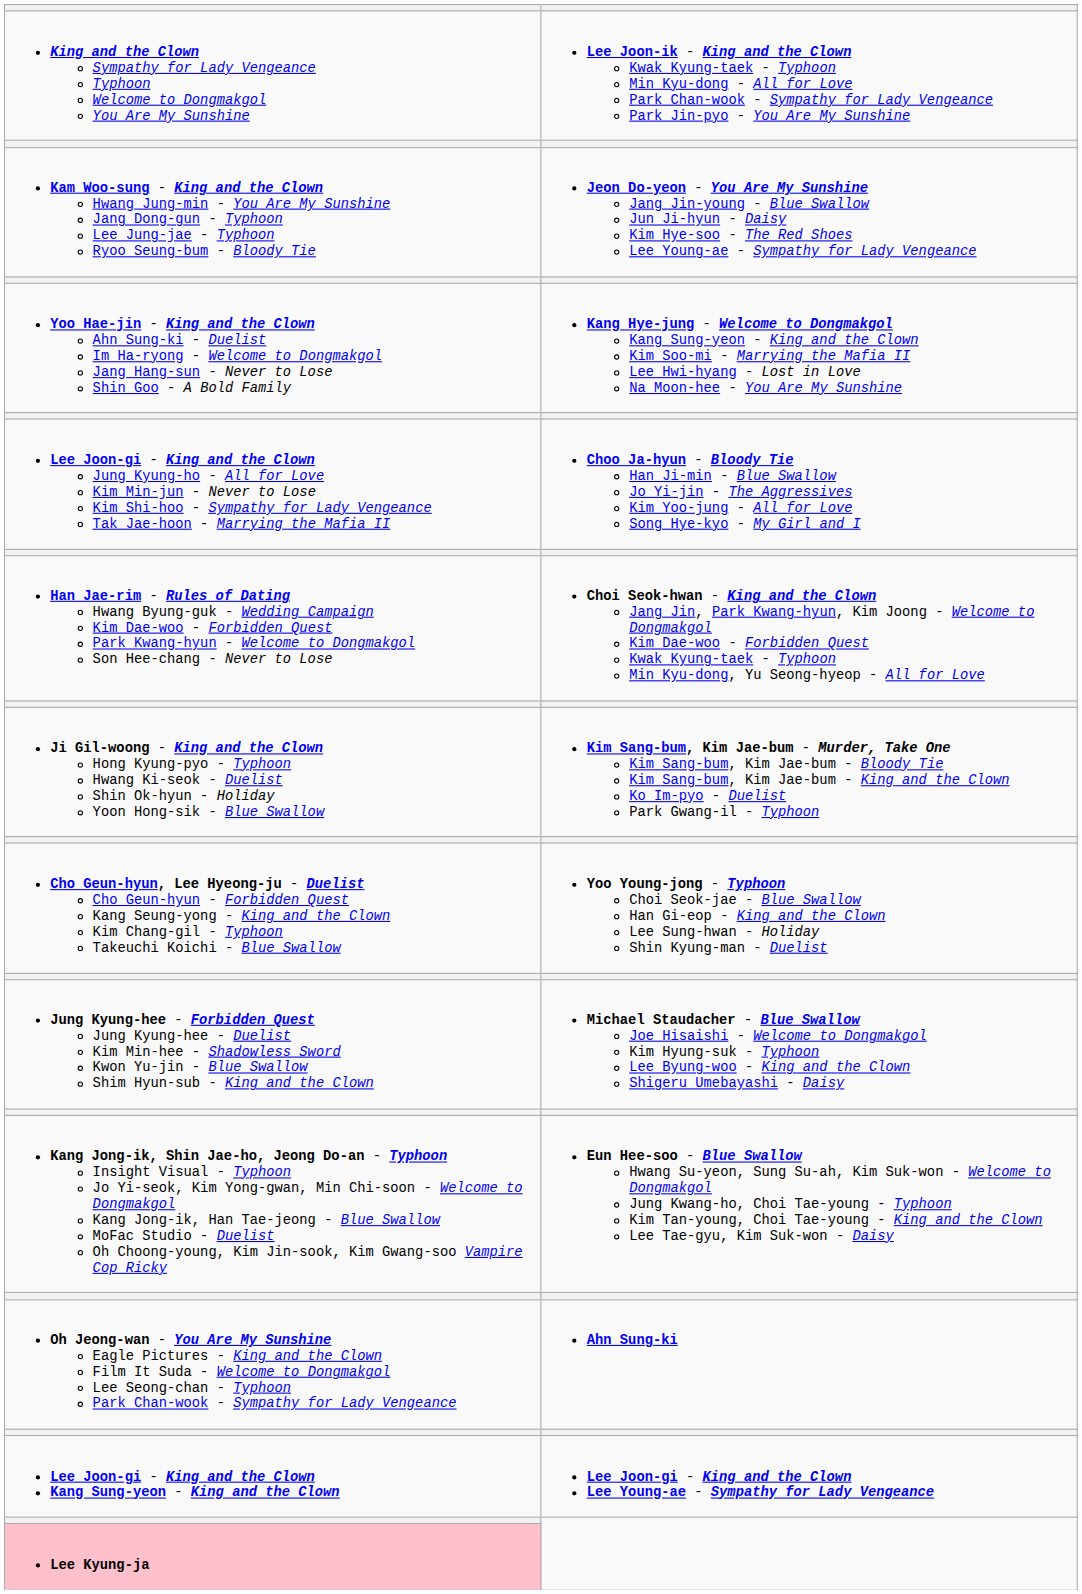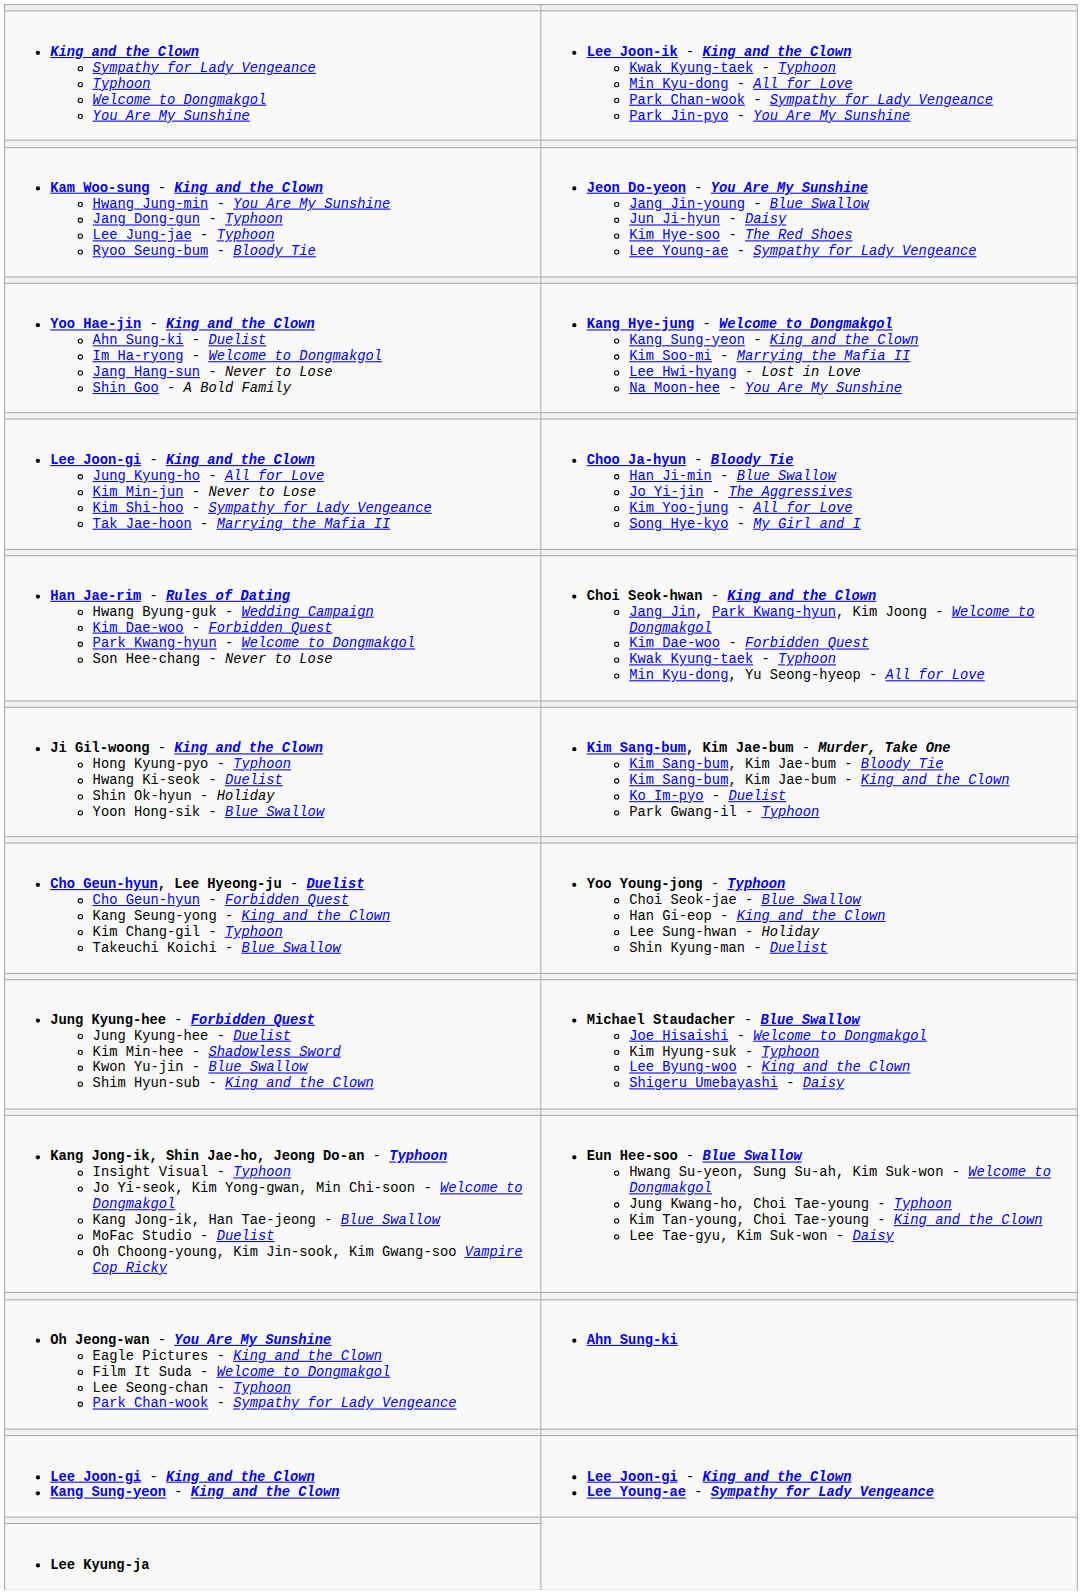 <table class="wikitable">
 <tr>
 <th style="width:500px;"></th>
 <th style="width:500px;"></th>
 </tr>
 <tr>
 <td valign="top"><br><ul><li><strong><em><a href='#'>King and the Clown</a></em></strong><ul><li><em><a href='#'>Sympathy for Lady Vengeance</a></em></li><li><em><a href='#'>Typhoon</a></em></li><li><em><a href='#'>Welcome to Dongmakgol</a></em></li><li><em><a href='#'>You Are My Sunshine</a></em></li></ul></li></ul></td>
 <td valign="top"><br><ul><li><strong><a href='#'>Lee Joon-ik</a></strong> - <strong><em><a href='#'>King and the Clown</a></em></strong><ul><li><a href='#'>Kwak Kyung-taek</a> - <em><a href='#'>Typhoon</a></em></li><li><a href='#'>Min Kyu-dong</a> - <em><a href='#'>All for Love</a></em></li><li><a href='#'>Park Chan-wook</a> - <em><a href='#'>Sympathy for Lady Vengeance</a></em></li><li><a href='#'>Park Jin-pyo</a> - <em><a href='#'>You Are My Sunshine</a></em></li></ul></li></ul></td>
 </tr>
 <tr>
 <th></th>
 <th></th>
 </tr>
 <tr>
 <td valign="top"><br><ul><li><strong><a href='#'>Kam Woo-sung</a></strong> - <strong><em><a href='#'>King and the Clown</a></em></strong><ul><li><a href='#'>Hwang Jung-min</a> - <em><a href='#'>You Are My Sunshine</a></em></li><li><a href='#'>Jang Dong-gun</a> - <em><a href='#'>Typhoon</a></em></li><li><a href='#'>Lee Jung-jae</a> - <em><a href='#'>Typhoon</a></em></li><li><a href='#'>Ryoo Seung-bum</a> - <em><a href='#'>Bloody Tie</a></em></li></ul></li></ul></td>
 <td valign="top"><br><ul><li><strong><a href='#'>Jeon Do-yeon</a></strong> - <strong><em><a href='#'>You Are My Sunshine</a></em></strong><ul><li><a href='#'>Jang Jin-young</a> - <em><a href='#'>Blue Swallow</a></em></li><li><a href='#'>Jun Ji-hyun</a> - <em><a href='#'>Daisy</a></em></li><li><a href='#'>Kim Hye-soo</a> - <em><a href='#'>The Red Shoes</a></em></li><li><a href='#'>Lee Young-ae</a> - <em><a href='#'>Sympathy for Lady Vengeance</a></em></li></ul></li></ul></td>
 </tr>
 <tr>
 <th></th>
 <th></th>
 </tr>
 <tr>
 <td valign="top"><br><ul><li><strong><a href='#'>Yoo Hae-jin</a></strong> - <strong><em><a href='#'>King and the Clown</a></em></strong><ul><li><a href='#'>Ahn Sung-ki</a> - <em><a href='#'>Duelist</a></em></li><li><a href='#'>Im Ha-ryong</a> - <em><a href='#'>Welcome to Dongmakgol</a></em></li><li><a href='#'>Jang Hang-sun</a> - <em>Never to Lose</em></li><li><a href='#'>Shin Goo</a> - <em>A Bold Family</em></li></ul></li></ul></td>
 <td valign="top"><br><ul><li><strong><a href='#'>Kang Hye-jung</a></strong> - <strong><em><a href='#'>Welcome to Dongmakgol</a></em></strong><ul><li><a href='#'>Kang Sung-yeon</a> - <em><a href='#'>King and the Clown</a></em></li><li><a href='#'>Kim Soo-mi</a> - <em><a href='#'>Marrying the Mafia II</a></em></li><li><a href='#'>Lee Hwi-hyang</a> - <em>Lost in Love</em></li><li><a href='#'>Na Moon-hee</a> - <em><a href='#'>You Are My Sunshine</a></em></li></ul></li></ul></td>
 </tr>
 <tr>
 <th></th>
 <th></th>
 </tr>
 <tr>
 <td valign="top"><br><ul><li><strong><a href='#'>Lee Joon-gi</a></strong> - <strong><em><a href='#'>King and the Clown</a></em></strong><ul><li><a href='#'>Jung Kyung-ho</a> - <em><a href='#'>All for Love</a></em></li><li><a href='#'>Kim Min-jun</a> - <em>Never to Lose</em></li><li><a href='#'>Kim Shi-hoo</a> - <em><a href='#'>Sympathy for Lady Vengeance</a></em></li><li><a href='#'>Tak Jae-hoon</a> - <em><a href='#'>Marrying the Mafia II</a></em></li></ul></li></ul></td>
 <td valign="top"><br><ul><li><strong><a href='#'>Choo Ja-hyun</a></strong> - <strong><em><a href='#'>Bloody Tie</a></em></strong><ul><li><a href='#'>Han Ji-min</a> - <em><a href='#'>Blue Swallow</a></em></li><li><a href='#'>Jo Yi-jin</a> - <em><a href='#'>The Aggressives</a></em></li><li><a href='#'>Kim Yoo-jung</a> - <em><a href='#'>All for Love</a></em></li><li><a href='#'>Song Hye-kyo</a> - <em><a href='#'>My Girl and I</a></em></li></ul></li></ul></td>
 </tr>
 <tr>
 <th></th>
 <th></th>
 </tr>
 <tr>
 <td valign="top"><br><ul><li><strong><a href='#'>Han Jae-rim</a></strong> - <strong><em><a href='#'>Rules of Dating</a></em></strong><ul><li>Hwang Byung-guk - <em><a href='#'>Wedding Campaign</a></em></li><li><a href='#'>Kim Dae-woo</a> - <em><a href='#'>Forbidden Quest</a></em></li><li><a href='#'>Park Kwang-hyun</a> - <em><a href='#'>Welcome to Dongmakgol</a></em></li><li>Son Hee-chang - <em>Never to Lose</em></li></ul></li></ul></td>
 <td valign="top"><br><ul><li><strong>Choi Seok-hwan</strong> - <strong><em><a href='#'>King and the Clown</a></em></strong><ul><li><a href='#'>Jang Jin</a>, <a href='#'>Park Kwang-hyun</a>, Kim Joong - <em><a href='#'>Welcome to Dongmakgol</a></em></li><li><a href='#'>Kim Dae-woo</a> - <em><a href='#'>Forbidden Quest</a></em></li><li><a href='#'>Kwak Kyung-taek</a> - <em><a href='#'>Typhoon</a></em></li><li><a href='#'>Min Kyu-dong</a>, Yu Seong-hyeop - <em><a href='#'>All for Love</a></em></li></ul></li></ul></td>
 </tr>
 <tr>
 <th></th>
 <th></th>
 </tr>
 <tr>
 <td valign="top"><br><ul><li><strong>Ji Gil-woong</strong> - <strong><em><a href='#'>King and the Clown</a></em></strong><ul><li>Hong Kyung-pyo - <em><a href='#'>Typhoon</a></em></li><li>Hwang Ki-seok - <em><a href='#'>Duelist</a></em></li><li>Shin Ok-hyun - <em>Holiday</em></li><li>Yoon Hong-sik - <em><a href='#'>Blue Swallow</a></em></li></ul></li></ul></td>
 <td valign="top"><br><ul><li><strong><a href='#'>Kim Sang-bum</a>, Kim Jae-bum</strong> - <strong><em>Murder, Take One</em></strong><ul><li><a href='#'>Kim Sang-bum</a>, Kim Jae-bum - <em><a href='#'>Bloody Tie</a></em></li><li><a href='#'>Kim Sang-bum</a>, Kim Jae-bum - <em><a href='#'>King and the Clown</a></em></li><li><a href='#'>Ko Im-pyo</a> - <em><a href='#'>Duelist</a></em></li><li>Park Gwang-il - <em><a href='#'>Typhoon</a></em></li></ul></li></ul></td>
 </tr>
 <tr>
 <th></th>
 <th></th>
 </tr>
 <tr>
 <td valign="top"><br><ul><li><strong><a href='#'>Cho Geun-hyun</a>, Lee Hyeong-ju</strong> - <strong><em><a href='#'>Duelist</a></em></strong><ul><li><a href='#'>Cho Geun-hyun</a> - <em><a href='#'>Forbidden Quest</a></em></li><li>Kang Seung-yong - <em><a href='#'>King and the Clown</a></em></li><li>Kim Chang-gil - <em><a href='#'>Typhoon</a></em></li><li>Takeuchi Koichi - <em><a href='#'>Blue Swallow</a></em></li></ul></li></ul></td>
 <td valign="top"><br><ul><li><strong>Yoo Young-jong</strong> - <strong><em><a href='#'>Typhoon</a></em></strong><ul><li>Choi Seok-jae - <em><a href='#'>Blue Swallow</a></em></li><li>Han Gi-eop - <em><a href='#'>King and the Clown</a></em></li><li>Lee Sung-hwan - <em>Holiday</em></li><li>Shin Kyung-man - <em><a href='#'>Duelist</a></em></li></ul></li></ul></td>
 </tr>
 <tr>
 <th></th>
 <th></th>
 </tr>
 <tr>
 <td valign="top"><br><ul><li><strong>Jung Kyung-hee</strong> - <strong><em><a href='#'>Forbidden Quest</a></em></strong><ul><li>Jung Kyung-hee - <em><a href='#'>Duelist</a></em></li><li>Kim Min-hee - <em><a href='#'>Shadowless Sword</a></em></li><li>Kwon Yu-jin - <em><a href='#'>Blue Swallow</a></em></li><li>Shim Hyun-sub - <em><a href='#'>King and the Clown</a></em></li></ul></li></ul></td>
 <td valign="top"><br><ul><li><strong>Michael Staudacher</strong> - <strong><em><a href='#'>Blue Swallow</a></em></strong><ul><li><a href='#'>Joe Hisaishi</a> - <em><a href='#'>Welcome to Dongmakgol</a></em></li><li>Kim Hyung-suk - <em><a href='#'>Typhoon</a></em></li><li><a href='#'>Lee Byung-woo</a> - <em><a href='#'>King and the Clown</a></em></li><li><a href='#'>Shigeru Umebayashi</a> - <em><a href='#'>Daisy</a></em></li></ul></li></ul></td>
 </tr>
 <tr>
 <th></th>
 <th></th>
 </tr>
 <tr>
 <td valign="top"><br><ul><li><strong>Kang Jong-ik, Shin Jae-ho, Jeong Do-an</strong> - <strong><em><a href='#'>Typhoon</a></em></strong><ul><li>Insight Visual - <em><a href='#'>Typhoon</a></em></li><li>Jo Yi-seok, Kim Yong-gwan, Min Chi-soon - <em><a href='#'>Welcome to Dongmakgol</a></em></li><li>Kang Jong-ik, Han Tae-jeong - <em><a href='#'>Blue Swallow</a></em></li><li>MoFac Studio - <em><a href='#'>Duelist</a></em></li><li>Oh Choong-young, Kim Jin-sook, Kim Gwang-soo <em><a href='#'>Vampire Cop Ricky</a></em></li></ul></li></ul></td>
 <td valign="top"><br><ul><li><strong>Eun Hee-soo</strong> - <strong><em><a href='#'>Blue Swallow</a></em></strong><ul><li>Hwang Su-yeon, Sung Su-ah, Kim Suk-won - <em><a href='#'>Welcome to Dongmakgol</a></em></li><li>Jung Kwang-ho, Choi Tae-young - <em><a href='#'>Typhoon</a></em></li><li>Kim Tan-young, Choi Tae-young - <em><a href='#'>King and the Clown</a></em></li><li>Lee Tae-gyu, Kim Suk-won - <em><a href='#'>Daisy</a></em></li></ul></li></ul></td>
 </tr>
 <tr>
 <th></th>
 <th></th>
 </tr>
 <tr>
 <td valign="top"><br><ul><li><strong>Oh Jeong-wan</strong> - <strong><em><a href='#'>You Are My Sunshine</a></em></strong><ul><li>Eagle Pictures - <em><a href='#'>King and the Clown</a></em></li><li>Film It Suda - <em><a href='#'>Welcome to Dongmakgol</a></em></li><li>Lee Seong-chan - <em><a href='#'>Typhoon</a></em></li><li><a href='#'>Park Chan-wook</a> - <em><a href='#'>Sympathy for Lady Vengeance</a></em></li></ul></li></ul></td>
 <td valign="top"><br><ul><li><strong><a href='#'>Ahn Sung-ki</a></strong></li></ul></td>
 </tr>
 <tr>
 <th></th>
 <th></th>
 </tr>
 <tr>
 <td valign="top"><br><ul><li><strong><a href='#'>Lee Joon-gi</a></strong> - <strong><em><a href='#'>King and the Clown</a></em></strong></li><li><strong><a href='#'>Kang Sung-yeon</a></strong> - <strong><em><a href='#'>King and the Clown</a></em></strong></li></ul></td>
 <td valign="top"><br><ul><li><strong><a href='#'>Lee Joon-gi</a></strong> - <strong><em><a href='#'>King and the Clown</a></em></strong></li><li><strong><a href='#'>Lee Young-ae</a></strong> - <strong><em><a href='#'>Sympathy for Lady Vengeance</a></em></strong></li></ul></td>
 </tr>
 <tr>
 <th></th>
 </tr>
 <tr>
-<td valign="top" style="background: pink;"><br><ul><li><strong>Lee Kyung-ja</strong></li></ul></td>
+<td valign="top"><br><ul><li><strong>Lee Kyung-ja</strong></li></ul></td>
 </tr>
 </table>
